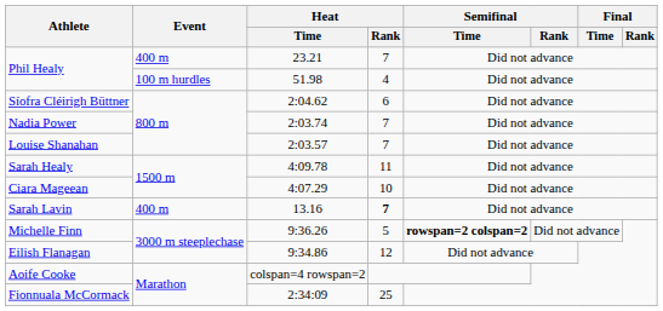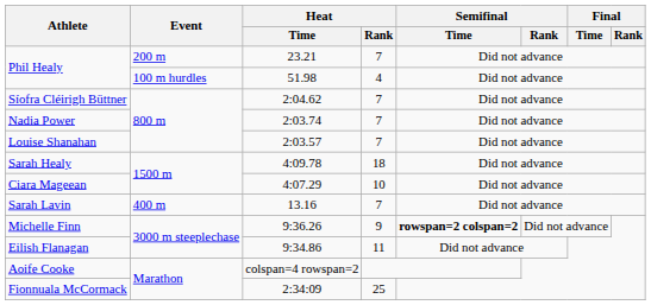 <table class=wikitable style=font-size:90%;text-align:center>
 <tr>
 <th rowspan=2>Athlete</th>
 <th rowspan=2>Event</th>
 <th colspan=2>Heat</th>
 <th colspan=2>Semifinal</th>
 <th colspan=2>Final</th>
 </tr>
 <tr style=font-size:95%>
 <th>Time</th>
 <th>Rank</th>
 <th>Time</th>
 <th>Rank</th>
 <th>Time</th>
 <th>Rank</th>
 </tr>
 <tr>
 <td align=left rowspan=2><a href='#'>Phil Healy</a></td>
-<td align=left><a href='#'>400 m</a></td>
+<td align=left><a href='#'>200 m</a></td>
 <td>23.21</td>
 <td>7</td>
 <td colspan=4>Did not advance</td>
 </tr>
 <tr>
 <td align=left><a href='#'>100 m hurdles</a></td>
 <td>51.98</td>
 <td>4</td>
 <td colspan=4>Did not advance</td>
 </tr>
 <tr>
 <td align=left><a href='#'>Síofra Cléirigh Büttner</a></td>
 <td align=left rowspan=3><a href='#'>800 m</a></td>
 <td>2:04.62</td>
-<td>6</td>
+<td>7</td>
 <td colspan=4>Did not advance</td>
 </tr>
 <tr>
 <td align=left><a href='#'>Nadia Power</a></td>
 <td>2:03.74</td>
 <td>7</td>
 <td colspan=4>Did not advance</td>
 </tr>
 <tr>
 <td align=left><a href='#'>Louise Shanahan</a></td>
 <td>2:03.57</td>
 <td>7</td>
 <td colspan=4>Did not advance</td>
 </tr>
 <tr>
 <td align=left><a href='#'>Sarah Healy</a></td>
 <td align=left rowspan=2><a href='#'>1500 m</a></td>
 <td>4:09.78</td>
-<td>11</td>
+<td>18</td>
 <td colspan=4>Did not advance</td>
 </tr>
 <tr>
 <td align=left><a href='#'>Ciara Mageean</a></td>
 <td>4:07.29</td>
 <td>10</td>
 <td colspan=4>Did not advance</td>
 </tr>
 <tr>
 <td align=left><a href='#'>Sarah Lavin</a></td>
 <td align=left><a href='#'>400 m</a></td>
 <td>13.16</td>
-<td><strong>7</strong></td>
+<td>7</td>
 <td colspan=4>Did not advance</td>
 </tr>
 <tr>
 <td align=left><a href='#'>Michelle Finn</a></td>
 <td align=left rowspan=2><a href='#'>3000 m steeplechase</a></td>
 <td>9:36.26</td>
-<td>5</td>
+<td>9</td>
 <td><strong>rowspan=2 colspan=2 </strong></td>
 <td colspan=2>Did not advance</td>
 </tr>
 <tr>
 <td align=left><a href='#'>Eilish Flanagan</a></td>
 <td>9:34.86</td>
-<td>12</td>
+<td>11</td>
 <td colspan=2>Did not advance</td>
 </tr>
 <tr>
 <td align=left><a href='#'>Aoife Cooke</a></td>
 <td align=left rowspan=2><a href='#'>Marathon</a></td>
 <td>colspan=4 rowspan=2 </td>
 <td colspan=2></td>
 </tr>
 <tr>
 <td align=left><a href='#'>Fionnuala McCormack</a></td>
 <td>2:34:09</td>
 <td>25</td>
 </tr>
 </table>
